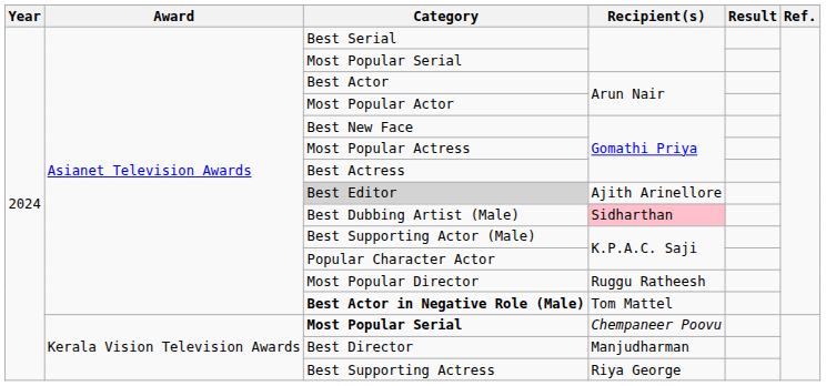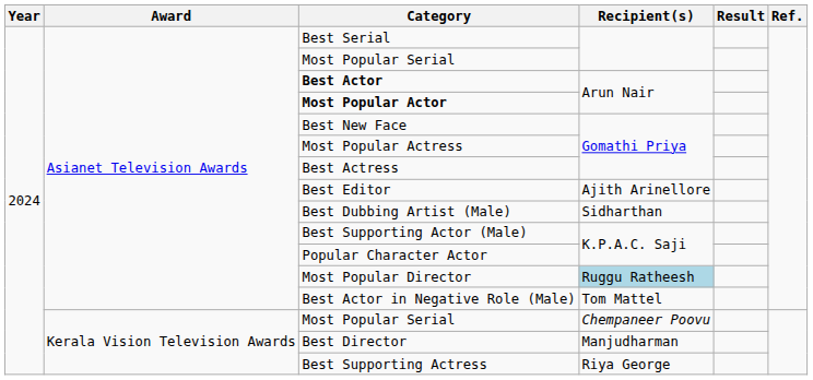 <table class="wikitable plainrowheaders sortable">
 <tr>
 <th scope="col">Year</th>
 <th scope="col">Award</th>
 <th scope="col">Category</th>
 <th scope="col">Recipient(s)</th>
 <th scope="col" class="unsortable">Result</th>
 <th scope="col" class="unsortable">Ref.</th>
 </tr>
 <tr>
 <td rowspan="16">2024</td>
 <td rowspan="13"><a href='#'>Asianet Television Awards</a></td>
 <td>Best Serial</td>
 <td rowspan="2"></td>
 <td></td>
 <td rowspan="13"></td>
 </tr>
 <tr>
 <td>Most Popular Serial</td>
 <td></td>
 </tr>
 <tr>
-<td>Best Actor</td>
+<td><strong>Best Actor</strong></td>
 <td rowspan="2">Arun Nair</td>
 <td></td>
 </tr>
 <tr>
-<td>Most Popular Actor</td>
+<td><strong>Most Popular Actor</strong></td>
 <td></td>
 </tr>
 <tr>
 <td>Best New Face</td>
 <td rowspan="3"><a href='#'>Gomathi Priya</a></td>
 <td></td>
 </tr>
 <tr>
 <td>Most Popular Actress</td>
 <td></td>
 </tr>
 <tr>
 <td>Best Actress</td>
 <td></td>
 </tr>
 <tr>
-<td style="background: lightgrey;">Best Editor</td>
+<td>Best Editor</td>
 <td>Ajith Arinellore</td>
 <td></td>
 </tr>
 <tr>
 <td>Best Dubbing Artist (Male)</td>
-<td style="background: pink;">Sidharthan</td>
+<td>Sidharthan</td>
 <td></td>
 </tr>
 <tr>
 <td>Best Supporting Actor (Male)</td>
 <td rowspan=2>K.P.A.C. Saji</td>
 <td></td>
 </tr>
 <tr>
 <td>Popular Character Actor</td>
 <td></td>
 </tr>
 <tr>
 <td>Most Popular Director</td>
-<td>Ruggu Ratheesh</td>
+<td style="background: lightblue;">Ruggu Ratheesh</td>
 <td></td>
 </tr>
 <tr>
-<td><strong>Best Actor in Negative Role (Male)</strong></td>
+<td>Best Actor in Negative Role (Male)</td>
 <td>Tom Mattel</td>
 <td></td>
 </tr>
 <tr>
 <td rowspan="3">Kerala Vision Television Awards</td>
-<td><strong>Most Popular Serial</strong></td>
+<td>Most Popular Serial</td>
 <td><em>Chempaneer Poovu</em></td>
 <td></td>
 <td rowspan=3></td>
 </tr>
 <tr>
 <td>Best Director</td>
 <td>Manjudharman</td>
 <td></td>
 </tr>
 <tr>
 <td>Best Supporting Actress</td>
 <td>Riya George</td>
 <td></td>
 </tr>
 </table>
